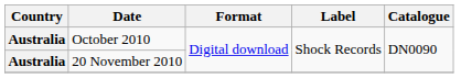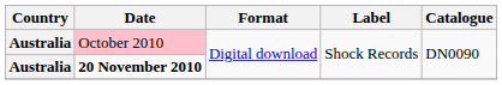 <table class="wikitable plainrowheaders">
 <tr>
 <th scope="col">Country</th>
 <th scope="col">Date</th>
 <th scope="col">Format</th>
 <th scope="col">Label</th>
 <th scope="col">Catalogue</th>
 </tr>
 <tr>
 <th scope="row">Australia</th>
-<td>October 2010</td>
+<td style="background: pink;">October 2010</td>
 <td rowspan="2"><a href='#'>Digital download</a></td>
 <td rowspan="2">Shock Records</td>
 <td rowspan="2">DN0090</td>
 </tr>
 <tr>
 <th scope="row">Australia</th>
-<td>20 November 2010</td>
+<td><strong>20 November 2010</strong></td>
 </tr>
 <tr>
 </tr>
 </table>
